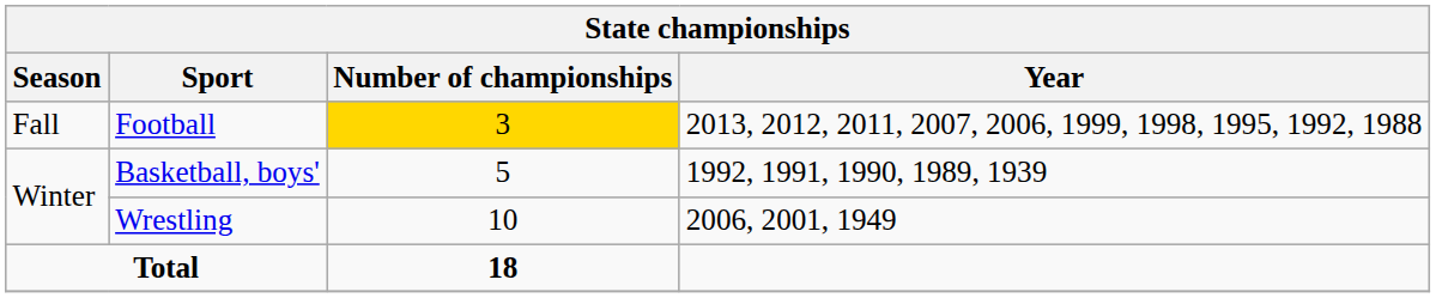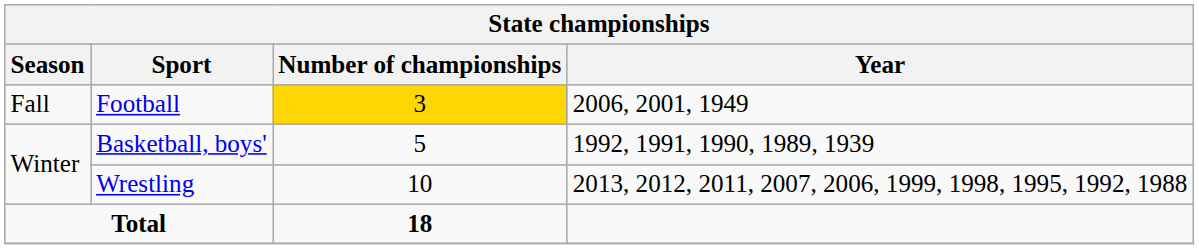 <table class="wikitable">
 <tr>
 <th colspan="4">State championships</th>
 </tr>
 <tr>
 <th>Season</th>
 <th>Sport</th>
 <th>Number of championships</th>
 <th>Year</th>
 </tr>
 <tr>
 <td rowspan="1">Fall</td>
 <td><a href='#'>Football</a></td>
 <td align="center" style="background: gold;">3</td>
-<td>2013, 2012, 2011, 2007, 2006, 1999, 1998, 1995, 1992, 1988</td>
+<td>2006, 2001, 1949</td>
 </tr>
 <tr>
 <td rowspan="2">Winter</td>
 <td><a href='#'>Basketball, boys'</a></td>
 <td align="center">5</td>
 <td>1992, 1991, 1990, 1989, 1939</td>
 </tr>
 <tr>
 <td><a href='#'>Wrestling</a></td>
 <td align="center">10</td>
-<td>2006, 2001, 1949</td>
+<td>2013, 2012, 2011, 2007, 2006, 1999, 1998, 1995, 1992, 1988</td>
 </tr>
 <tr>
 <td align="center" colspan="2"><strong>Total</strong></td>
 <td align="center"><strong>18</strong></td>
 <td></td>
 </tr>
 <tr>
 </tr>
 </table>
